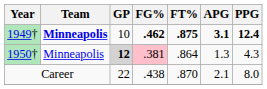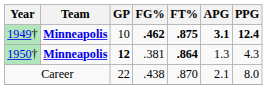 <table class="wikitable sortable" style="font-size:95%; text-align:right;">
 <tr>
 <th>Year</th>
 <th>Team</th>
 <th>GP</th>
 <th>FG%</th>
 <th>FT%</th>
 <th>APG</th>
 <th>PPG</th>
 </tr>
 <tr>
 <td style="text-align:left; background:#afe6ba;"><a href='#'>1949</a>†</td>
 <td style="text-align:left;"><strong><a href='#'>Minneapolis</a></strong></td>
 <td>10</td>
 <td><strong>.462</strong></td>
 <td><strong>.875</strong></td>
 <td><strong>3.1</strong></td>
 <td><strong>12.4</strong></td>
 </tr>
 <tr>
 <td style="text-align:left; background:#afe6ba;"><a href='#'>1950</a>†</td>
-<td style="text-align:left;"><a href='#'>Minneapolis</a></td>
-<td style="background: lightgrey;"><strong>12</strong></td>
-<td style="background: pink;">.381</td>
-<td>.864</td>
+<td style="text-align:left;"><strong><a href='#'>Minneapolis</a></strong></td>
+<td><strong>12</strong></td>
+<td>.381</td>
+<td><strong>.864</strong></td>
 <td>1.3</td>
 <td>4.3</td>
 </tr>
 <tr>
 <td style="text-align:center;" colspan="2">Career</td>
 <td>22</td>
 <td>.438</td>
 <td>.870</td>
 <td>2.1</td>
 <td>8.0</td>
 </tr>
 <tr>
 </tr>
 </table>
